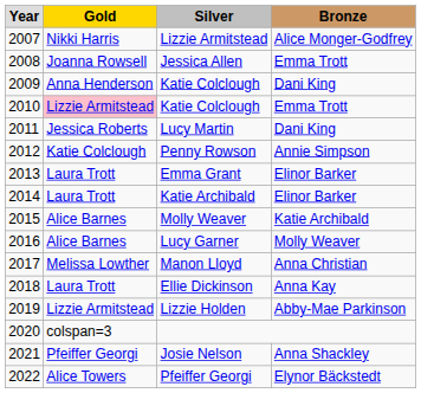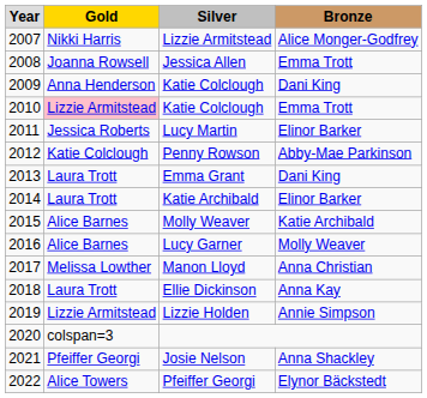 <table class="wikitable" style="text-align:left;">
 <tr style="text-align:center; font-weight:bold;">
 <td style="background:#ddd; ">Year</td>
 <td style="background:gold; ">Gold</td>
 <td style="background:silver; ">Silver</td>
 <td style="background:#c96; ">Bronze</td>
 </tr>
 <tr>
 <td>2007</td>
 <td><a href='#'>Nikki Harris</a></td>
 <td><a href='#'>Lizzie Armitstead</a></td>
 <td><a href='#'>Alice Monger-Godfrey</a></td>
 </tr>
 <tr>
 <td>2008</td>
 <td><a href='#'>Joanna Rowsell</a></td>
 <td><a href='#'>Jessica Allen</a></td>
 <td><a href='#'>Emma Trott</a></td>
 </tr>
 <tr>
 <td>2009</td>
 <td><a href='#'>Anna Henderson</a></td>
 <td><a href='#'>Katie Colclough</a></td>
 <td><a href='#'>Dani King</a></td>
 </tr>
 <tr>
 <td>2010</td>
 <td style="background: pink;"><a href='#'>Lizzie Armitstead</a></td>
 <td><a href='#'>Katie Colclough</a></td>
 <td><a href='#'>Emma Trott</a></td>
 </tr>
 <tr>
 <td>2011</td>
 <td><a href='#'>Jessica Roberts</a></td>
 <td><a href='#'>Lucy Martin</a></td>
-<td><a href='#'>Dani King</a></td>
+<td><a href='#'>Elinor Barker</a></td>
 </tr>
 <tr>
 <td>2012</td>
 <td><a href='#'>Katie Colclough</a></td>
 <td><a href='#'>Penny Rowson</a></td>
-<td><a href='#'>Annie Simpson</a></td>
+<td><a href='#'>Abby-Mae Parkinson</a></td>
 </tr>
 <tr>
 <td>2013</td>
 <td><a href='#'>Laura Trott</a></td>
 <td><a href='#'>Emma Grant</a></td>
-<td><a href='#'>Elinor Barker</a></td>
+<td><a href='#'>Dani King</a></td>
 </tr>
 <tr>
 <td>2014</td>
 <td><a href='#'>Laura Trott</a></td>
 <td><a href='#'>Katie Archibald</a></td>
 <td><a href='#'>Elinor Barker</a></td>
 </tr>
 <tr>
 <td>2015</td>
 <td><a href='#'>Alice Barnes</a></td>
 <td><a href='#'>Molly Weaver</a></td>
 <td><a href='#'>Katie Archibald</a></td>
 </tr>
 <tr>
 <td>2016</td>
 <td><a href='#'>Alice Barnes</a></td>
 <td><a href='#'>Lucy Garner</a></td>
 <td><a href='#'>Molly Weaver</a></td>
 </tr>
 <tr>
 <td>2017</td>
 <td><a href='#'>Melissa Lowther</a></td>
 <td><a href='#'>Manon Lloyd</a></td>
 <td><a href='#'>Anna Christian</a></td>
 </tr>
 <tr>
 <td>2018</td>
 <td><a href='#'>Laura Trott</a></td>
 <td><a href='#'>Ellie Dickinson</a></td>
 <td><a href='#'>Anna Kay</a></td>
 </tr>
 <tr>
 <td>2019</td>
 <td><a href='#'>Lizzie Armitstead</a></td>
 <td><a href='#'>Lizzie Holden</a></td>
-<td><a href='#'>Abby-Mae Parkinson</a></td>
+<td><a href='#'>Annie Simpson</a></td>
 </tr>
 <tr>
 <td>2020</td>
 <td>colspan=3 </td>
 </tr>
 <tr>
 <td>2021</td>
 <td><a href='#'>Pfeiffer Georgi</a></td>
 <td><a href='#'>Josie Nelson</a></td>
 <td><a href='#'>Anna Shackley</a></td>
 </tr>
 <tr>
 <td>2022</td>
 <td><a href='#'>Alice Towers</a></td>
 <td><a href='#'>Pfeiffer Georgi</a></td>
 <td><a href='#'>Elynor Bäckstedt</a></td>
 </tr>
 </table>
